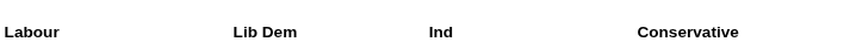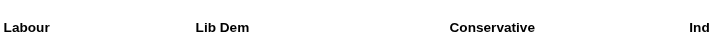 <table style="width:60%; text-align:center;">
 <tr style="color:white;">
 <td style="background:"><strong>13</strong></td>
 <td style="background:"><strong>5</strong></td>
+<td style="background:"><strong>23</strong></td>
 <td style="background:"><strong>10</strong></td>
-<td style="background:"><strong>23</strong></td>
 </tr>
 <tr>
 <td><span><strong>Labour</strong></span></td>
 <td><span><strong>Lib Dem</strong></span></td>
+<td><span><strong>Conservative</strong></span></td>
 <td><span><strong>Ind</strong></span></td>
-<td><span><strong>Conservative</strong></span></td>
 </tr>
 </table>
